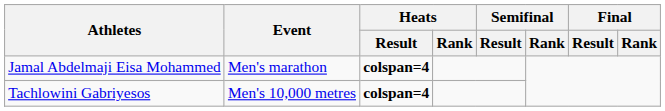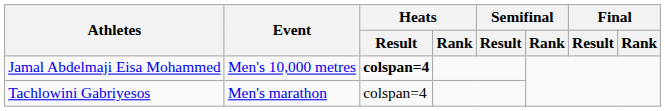 <table class="wikitable" border="1" style="font-size:90%">
 <tr>
 <th rowspan="2">Athletes</th>
 <th rowspan="2">Event</th>
 <th colspan="2">Heats</th>
 <th colspan="2">Semifinal</th>
 <th colspan="2">Final</th>
 </tr>
 <tr>
 <th>Result</th>
 <th>Rank</th>
 <th>Result</th>
 <th>Rank</th>
 <th>Result</th>
 <th>Rank</th>
 </tr>
 <tr>
 <td><a href='#'>Jamal Abdelmaji Eisa Mohammed</a></td>
-<td><a href='#'>Men's marathon</a></td>
+<td><a href='#'>Men's 10,000 metres</a></td>
 <td><strong>colspan=4</strong></td>
 <td colspan=2></td>
 </tr>
 <tr>
 <td><a href='#'>Tachlowini Gabriyesos</a></td>
-<td><a href='#'>Men's 10,000 metres</a></td>
-<td><strong>colspan=4</strong></td>
+<td><a href='#'>Men's marathon</a></td>
+<td>colspan=4</td>
 <td colspan=2></td>
 </tr>
 </table>
